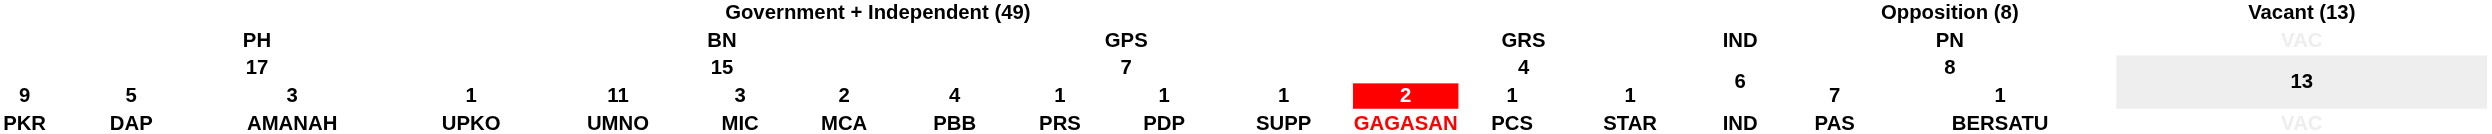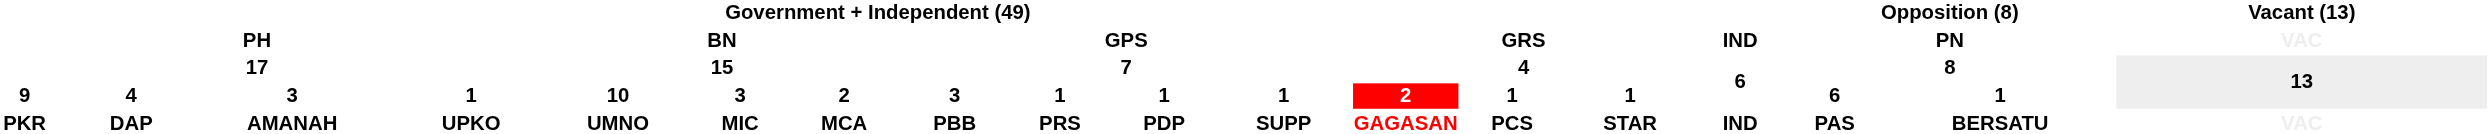 <table style="width:100%; text-align:center;">
 <tr>
 <th colspan="15">Government + Independent (49)</th>
 <th colspan="2">Opposition (8)</th>
 <th>Vacant (13)</th>
 </tr>
 <tr>
 <th colspan="4" align="centre" style="color:">PH</th>
 <th colspan="3" align="centre" style="color:">BN</th>
 <th colspan="4" align="centre" style="color:">GPS</th>
 <th colspan=3 align="centre" style="color:">GRS</th>
 <th align="centre" style="color:"><span>IND</span></th>
 <th colspan="2" align="centre" style="color:">PN</th>
 <th align="centre" style="color:#EEEEEE;">VAC</th>
 </tr>
 <tr>
 <td colspan="4" align="center" style="background:"><strong>17</strong></td>
 <td colspan="3" align="center" style="background:"><strong>15</strong></td>
 <td colspan="4" align="center" style="background:"><strong>7</strong></td>
 <td colspan=3 align="center" style="background:"><strong>4</strong></td>
 <td rowspan="2" align="center" style="background:"><strong>6</strong></td>
 <td colspan="2" align="center" style="background:"><strong>8</strong></td>
 <td rowspan="2" align="center" style="background:#EEEEEE; color:black;width:15%;"><strong>13</strong></td>
 </tr>
 <tr>
 <td align="center" style="background:"><strong>9</strong></td>
-<td align="center" style="background:"><strong>5</strong></td>
+<td align="center" style="background:"><strong>4</strong></td>
 <td align="center" style="background:"><strong>3</strong></td>
 <td align="centre" style="background:"><strong>1</strong></td>
-<td align="center" style="background:"><strong>11</strong></td>
+<td align="center" style="background:"><strong>10</strong></td>
 <td align="center" style="background:"><strong>3</strong></td>
 <td align="center" style="background:"><strong>2</strong></td>
-<td align="center" style="background:"><strong>4</strong></td>
+<td align="center" style="background:"><strong>3</strong></td>
 <td align="centre" style="background:"><strong>1</strong></td>
 <td align="center" style="background:"><strong>1</strong></td>
 <td align="center" style="background:"><strong>1</strong></td>
 <td align="center" style="background:red; color:white;width:2.86%;"><strong>2</strong></td>
 <td align="center" style="background:"><strong>1</strong></td>
 <td align="center" style="background:"><strong>1</strong></td>
-<td align="center" style="background:"><strong>7</strong></td>
+<td align="center" style="background:"><strong>6</strong></td>
 <td align="center" style="background:"><strong>1</strong></td>
 </tr>
 <tr>
 <th align="centre" style="color:">PKR</th>
 <th align="centre" style="color:">DAP</th>
 <th align="centre" style="color:">AMANAH</th>
 <th align="centre" style="color:">UPKO</th>
 <th align="centre" style="color:">UMNO</th>
 <th align="centre" style="color:">MIC</th>
 <th align="centre" style="color:">MCA</th>
 <th align="centre" style="color:">PBB</th>
 <th align="centre" style="color:">PRS</th>
 <th align="centre" style="color:">PDP</th>
 <th align="centre" style="color:">SUPP</th>
 <th align="centre" style="color:red;">GAGASAN</th>
 <th align="centre" style="color:">PCS</th>
 <th align="centre" style="color:">STAR</th>
 <th align="centre" style="color:"><span>IND</span></th>
 <th align="centre" style="color:">PAS</th>
 <th align="centre" style="color:">BERSATU</th>
 <th align="centre" style="color:#EEEEEE;">VAC</th>
 </tr>
 </table>
